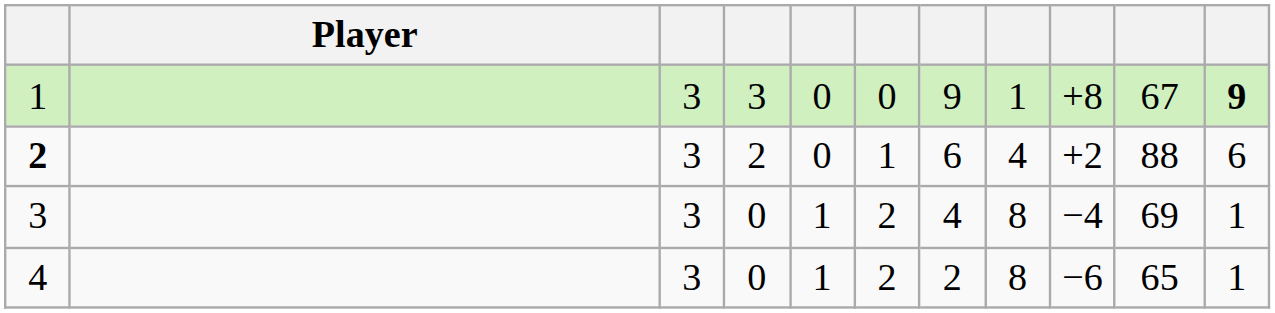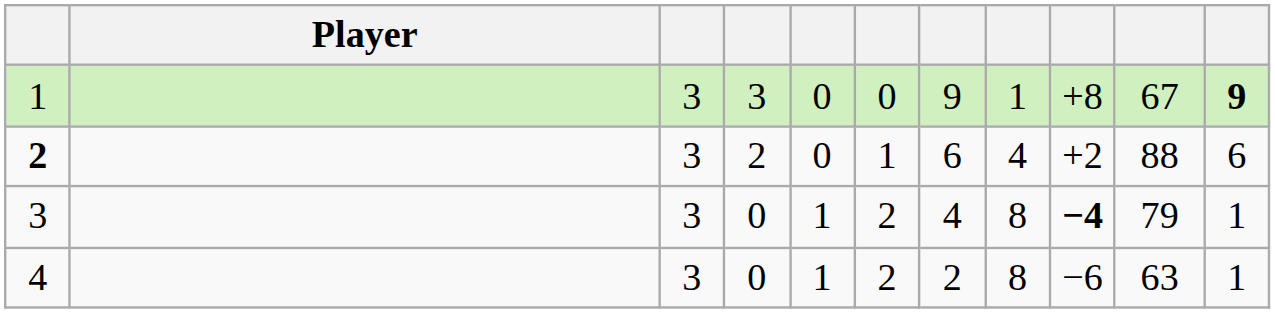 <table class="wikitable" style="text-align:center; margin: 1em auto 1em auto, align:left">
 <tr>
 <th width=20></th>
 <th width=240>Player</th>
 <th width=20></th>
 <th width=20></th>
 <th width=20></th>
 <th width=20></th>
 <th width=20></th>
 <th width=20></th>
 <th width=20></th>
 <th width=30></th>
 <th width=20></th>
 </tr>
 <tr style="background:#D0F0C0;">
 <td>1</td>
 <td align=left></td>
 <td>3</td>
 <td>3</td>
 <td>0</td>
 <td>0</td>
 <td>9</td>
 <td>1</td>
 <td>+8</td>
 <td>67</td>
 <td><strong>9</strong></td>
 </tr>
 <tr style=>
 <td><strong>2</strong></td>
 <td align=left></td>
 <td>3</td>
 <td>2</td>
 <td>0</td>
 <td>1</td>
 <td>6</td>
 <td>4</td>
 <td>+2</td>
 <td>88</td>
 <td>6</td>
 </tr>
 <tr style=>
 <td>3</td>
 <td align=left></td>
 <td>3</td>
 <td>0</td>
 <td>1</td>
 <td>2</td>
 <td>4</td>
 <td>8</td>
-<td>−4</td>
-<td>69</td>
+<td><strong>−4</strong></td>
+<td>79</td>
 <td>1</td>
 </tr>
 <tr style=>
 <td>4</td>
 <td align=left></td>
 <td>3</td>
 <td>0</td>
 <td>1</td>
 <td>2</td>
 <td>2</td>
 <td>8</td>
 <td>−6</td>
-<td>65</td>
+<td>63</td>
 <td>1</td>
 </tr>
 </table>
